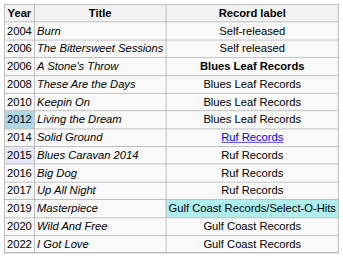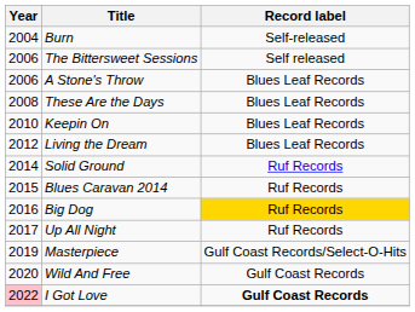 <table class="wikitable sortable">
 <tr>
 <th>Year</th>
 <th>Title</th>
 <th>Record label</th>
 </tr>
 <tr>
 <td>2004</td>
 <td><em>Burn</em></td>
 <td style="text-align:center;">Self-released</td>
 </tr>
 <tr>
 <td>2006</td>
 <td><em>The Bittersweet Sessions</em></td>
 <td style="text-align:center;">Self released</td>
 </tr>
 <tr>
 <td>2006</td>
 <td><em>A Stone's Throw</em></td>
-<td style="text-align:center;"><strong>Blues Leaf Records</strong></td>
+<td style="text-align:center;">Blues Leaf Records</td>
 </tr>
 <tr>
 <td>2008</td>
 <td><em>These Are the Days</em></td>
 <td style="text-align:center;">Blues Leaf Records</td>
 </tr>
 <tr>
 <td>2010</td>
 <td><em>Keepin On</em></td>
 <td style="text-align:center;">Blues Leaf Records</td>
 </tr>
 <tr>
-<td style="background: lightblue;">2012</td>
+<td>2012</td>
 <td><em>Living the Dream</em></td>
 <td style="text-align:center;">Blues Leaf Records</td>
 </tr>
 <tr>
 <td>2014</td>
 <td><em>Solid Ground</em></td>
 <td style="text-align:center;"><a href='#'>Ruf Records</a></td>
 </tr>
 <tr>
-<td style="background: lavender;">2015</td>
+<td>2015</td>
 <td><em>Blues Caravan 2014</em></td>
 <td style="text-align:center;">Ruf Records</td>
 </tr>
 <tr>
 <td>2016</td>
 <td><em>Big Dog</em></td>
-<td style="text-align:center;">Ruf Records</td>
+<td style="background: gold; text-align:center;">Ruf Records</td>
 </tr>
 <tr>
 <td>2017</td>
 <td><em>Up All Night</em></td>
 <td style="text-align:center;">Ruf Records</td>
 </tr>
 <tr>
 <td>2019</td>
 <td><em>Masterpiece</em></td>
-<td style="background: paleturquoise; text-align:center;">Gulf Coast Records/Select-O-Hits</td>
+<td style="text-align:center;">Gulf Coast Records/Select-O-Hits</td>
 </tr>
 <tr>
 <td>2020</td>
 <td><em>Wild And Free</em></td>
 <td style="text-align:center;">Gulf Coast Records</td>
 </tr>
 <tr>
-<td>2022</td>
+<td style="background: pink;">2022</td>
 <td><em>I Got Love</em></td>
-<td style="text-align:center;">Gulf Coast Records</td>
+<td style="text-align:center;"><strong>Gulf Coast Records</strong></td>
 </tr>
 <tr>
 </tr>
 </table>
